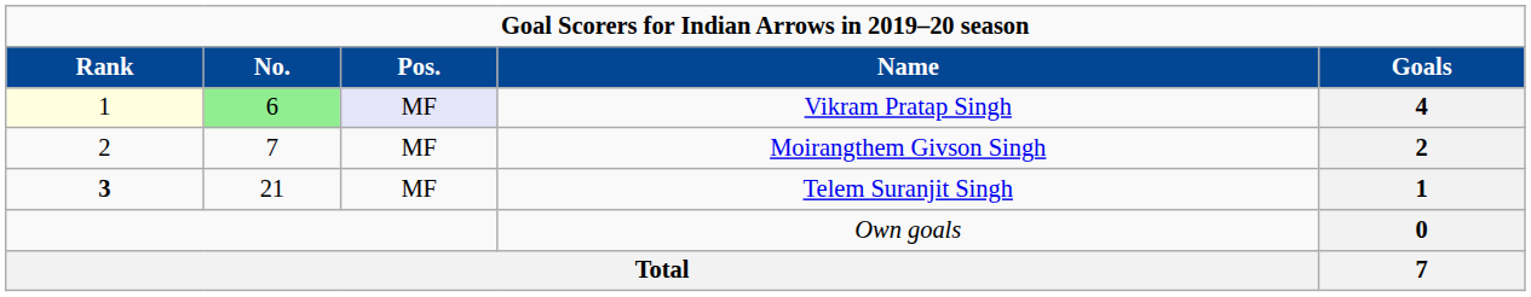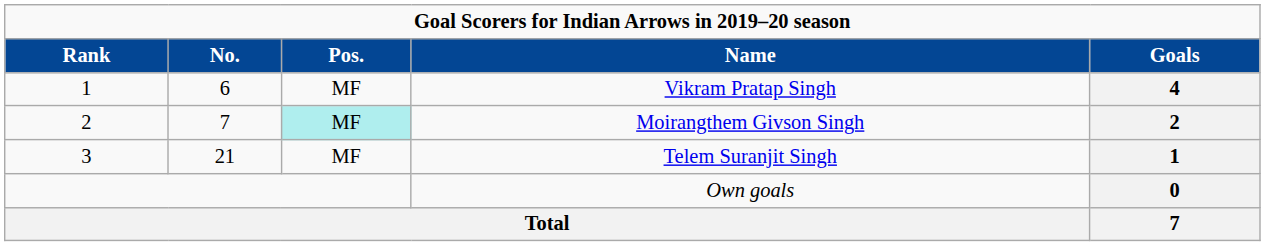 <table class="wikitable" style="text-align:center; font-size:90%; width:70%;">
 <tr>
 <td colspan="5"><strong>Goal Scorers for Indian Arrows in 2019–20 season</strong></td>
 </tr>
 <tr>
 <th style="background:#034694; color:white; text-align:center;">Rank</th>
 <th style="background:#034694; color:white; text-align:center;">No.</th>
 <th style="background:#034694; color:white; text-align:center;">Pos.</th>
 <th style="background:#034694; color:white; text-align:center;">Name</th>
 <th style="background:#034694; color:white; text-align:center;">Goals</th>
 </tr>
 <tr>
-<td style="background: lightyellow;">1</td>
-<td style="background: lightgreen;">6</td>
-<td style="background: lavender;">MF</td>
+<td>1</td>
+<td>6</td>
+<td>MF</td>
 <td><a href='#'>Vikram Pratap Singh</a></td>
 <th>4</th>
 </tr>
 <tr>
 <td>2</td>
 <td>7</td>
-<td>MF</td>
+<td style="background: paleturquoise;">MF</td>
 <td><a href='#'>Moirangthem Givson Singh</a></td>
 <th>2</th>
 </tr>
 <tr>
-<td><strong>3</strong></td>
+<td>3</td>
 <td>21</td>
 <td>MF</td>
 <td><a href='#'>Telem Suranjit Singh</a></td>
 <th>1</th>
 </tr>
 <tr>
 <td colspan="3"></td>
 <td><em>Own goals</em></td>
 <th>0</th>
 </tr>
 <tr>
 <th colspan="4">Total</th>
 <th scope="col">7</th>
 </tr>
 </table>
